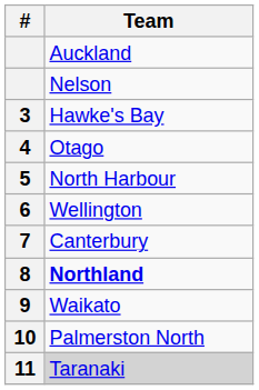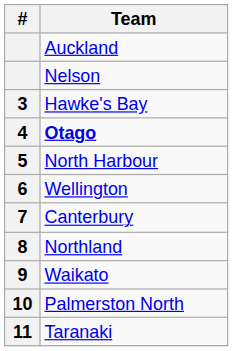 <table class="wikitable" width="15%" style="font-size:95%; text-align:center">
 <tr>
 <th>#</th>
 <th>Team</th>
 </tr>
 <tr>
 <th></th>
 <td align=left><a href='#'>Auckland</a></td>
 </tr>
 <tr>
 <th></th>
 <td align=left><a href='#'>Nelson</a></td>
 </tr>
 <tr>
 <th>3</th>
 <td align=left><a href='#'>Hawke's Bay</a></td>
 </tr>
 <tr>
 <th>4</th>
-<td align=left><a href='#'>Otago</a></td>
+<td align=left><strong><a href='#'>Otago</a></strong></td>
 </tr>
 <tr>
 <th>5</th>
 <td align=left><a href='#'>North Harbour</a></td>
 </tr>
 <tr>
 <th>6</th>
 <td align=left><a href='#'>Wellington</a></td>
 </tr>
 <tr>
 <th>7</th>
 <td align=left><a href='#'>Canterbury</a></td>
 </tr>
 <tr>
 <th>8</th>
-<td align=left><strong><a href='#'>Northland</a></strong></td>
+<td align=left><a href='#'>Northland</a></td>
 </tr>
 <tr>
 <th>9</th>
 <td align=left><a href='#'>Waikato</a></td>
 </tr>
 <tr>
 <th>10</th>
 <td align=left><a href='#'>Palmerston North</a></td>
 </tr>
 <tr>
 <th>11</th>
-<td align=left style="background: lightgrey;"><a href='#'>Taranaki</a></td>
+<td align=left><a href='#'>Taranaki</a></td>
 </tr>
 <tr>
 </tr>
 </table>
